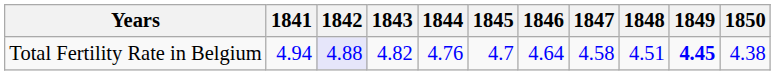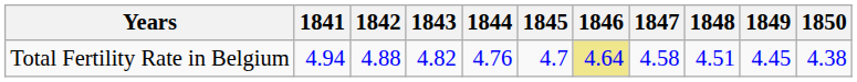 <table class="wikitable " style="text-align:right">
 <tr>
 <th>Years</th>
 <th>1841</th>
 <th>1842</th>
 <th>1843</th>
 <th>1844</th>
 <th>1845</th>
 <th>1846</th>
 <th>1847</th>
 <th>1848</th>
 <th>1849</th>
 <th>1850</th>
 </tr>
 <tr>
 <td align="left">Total Fertility Rate in Belgium</td>
 <td style="text-align:right; color:blue;">4.94</td>
-<td style="background: lavender; text-align:right; color:blue;">4.88</td>
+<td style="text-align:right; color:blue;">4.88</td>
 <td style="text-align:right; color:blue;">4.82</td>
 <td style="text-align:right; color:blue;">4.76</td>
 <td style="text-align:right; color:blue;">4.7</td>
-<td style="text-align:right; color:blue;">4.64</td>
+<td style="background: khaki; text-align:right; color:blue;">4.64</td>
 <td style="text-align:right; color:blue;">4.58</td>
 <td style="text-align:right; color:blue;">4.51</td>
-<td style="text-align:right; color:blue;"><strong>4.45</strong></td>
+<td style="text-align:right; color:blue;">4.45</td>
 <td style="text-align:right; color:blue;">4.38</td>
 </tr>
 </table>
